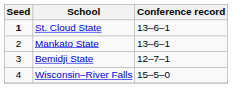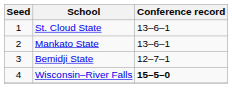 <table class="wikitable">
 <tr>
 <th>Seed</th>
 <th>School</th>
 <th>Conference record</th>
 </tr>
 <tr>
-<td align=center><strong>1</strong></td>
+<td align=center>1</td>
 <td><a href='#'>St. Cloud State</a></td>
 <td>13–6–1</td>
 </tr>
 <tr>
 <td align=center>2</td>
 <td><a href='#'>Mankato State</a></td>
 <td>13–6–1</td>
 </tr>
 <tr>
 <td align=center>3</td>
 <td><a href='#'>Bemidji State</a></td>
 <td>12–7–1</td>
 </tr>
 <tr>
 <td align=center>4</td>
 <td><a href='#'>Wisconsin–River Falls</a></td>
-<td>15–5–0</td>
+<td><strong>15–5–0</strong></td>
 </tr>
 <tr>
 </tr>
 </table>
